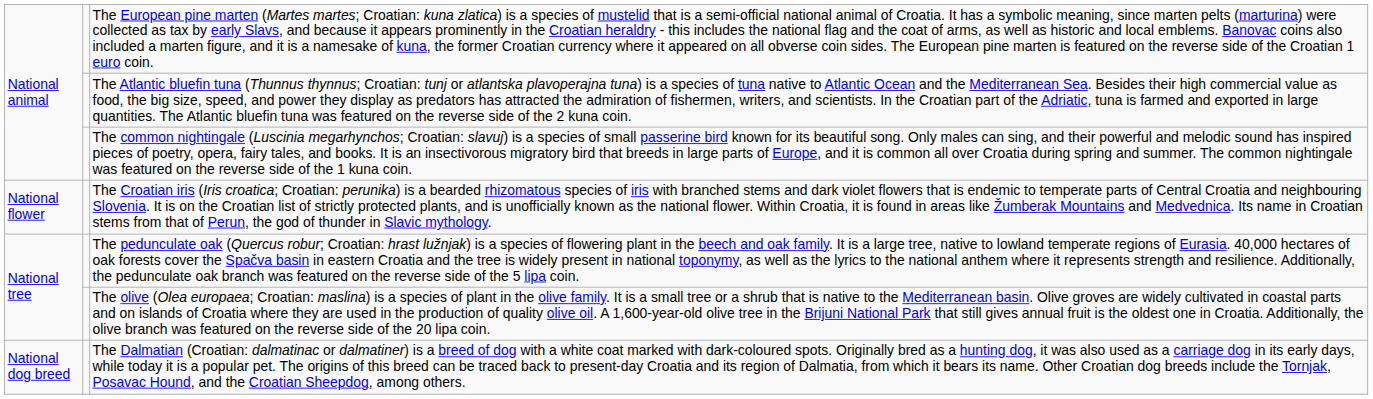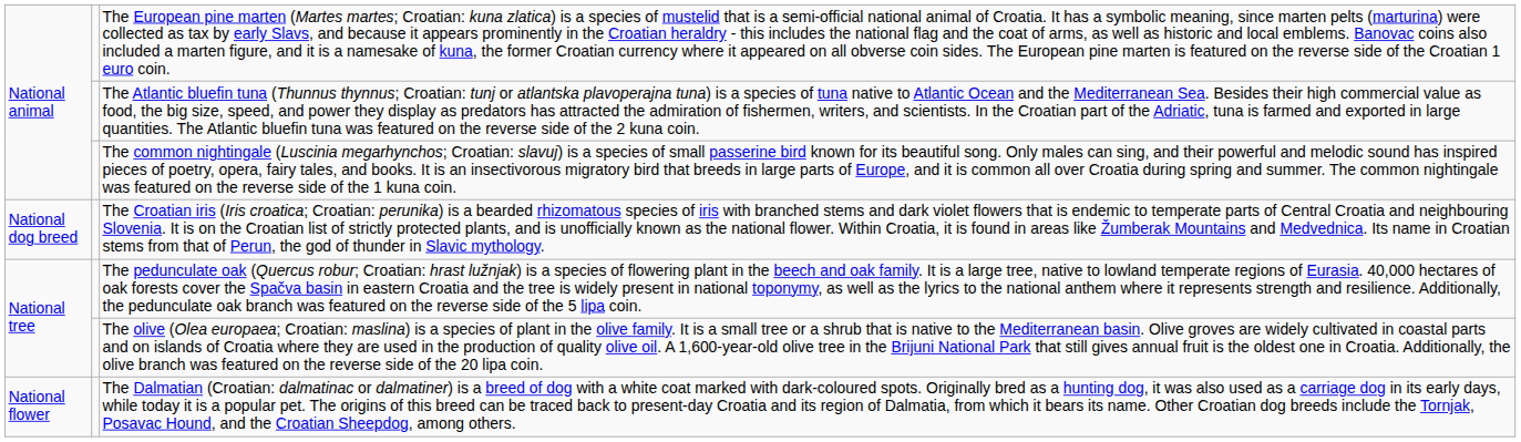 <table class="wikitable" style="text-align:left;">
 <tr>
 <td rowspan=3><a href='#'>National animal</a></td>
 <td></td>
 <td>The <a href='#'>European pine marten</a> (<em>Martes martes</em>; Croatian: <em>kuna zlatica</em>) is a species of <a href='#'>mustelid</a> that is a semi-official national animal of Croatia. It has a symbolic meaning, since marten pelts (<a href='#'>marturina</a>) were collected as tax by <a href='#'>early Slavs</a>, and because it appears prominently in the <a href='#'>Croatian heraldry</a> - this includes the national flag and the coat of arms, as well as historic and local emblems. <a href='#'>Banovac</a> coins also included a marten figure, and it is a namesake of <a href='#'>kuna</a>, the former Croatian currency where it appeared on all obverse coin sides. The European pine marten is featured on the reverse side of the Croatian 1 <a href='#'>euro</a> coin.</td>
 </tr>
 <tr>
 <td></td>
 <td>The <a href='#'>Atlantic bluefin tuna</a> (<em>Thunnus thynnus</em>; Croatian: <em>tunj</em> or <em>atlantska plavoperajna tuna</em>) is a species of <a href='#'>tuna</a> native to <a href='#'>Atlantic Ocean</a> and the <a href='#'>Mediterranean Sea</a>.  Besides their high commercial value as food, the big size, speed, and power they display as predators has attracted the admiration of fishermen, writers, and scientists. In the Croatian part of the <a href='#'>Adriatic</a>, tuna is farmed and exported in large quantities. The Atlantic bluefin tuna was featured on the reverse side of the 2 kuna coin.</td>
 </tr>
 <tr>
 <td></td>
 <td>The <a href='#'>common nightingale</a> (<em>Luscinia megarhynchos</em>; Croatian: <em>slavuj</em>) is a species of small <a href='#'>passerine bird</a> known for its beautiful song. Only males can sing, and their powerful and melodic sound has inspired pieces of poetry, opera, fairy tales, and books. It is an insectivorous migratory bird that breeds in large parts of <a href='#'>Europe</a>, and it is common all over Croatia during spring and summer. The common nightingale was featured on the reverse side of the 1 kuna coin.</td>
 </tr>
 <tr>
-<td><a href='#'>National flower</a></td>
+<td><a href='#'>National dog breed</a></td>
 <td></td>
 <td>The <a href='#'>Croatian iris</a> (<em>Iris croatica</em>; Croatian: <em>perunika</em>) is a bearded <a href='#'>rhizomatous</a> species of <a href='#'>iris</a> with branched stems and dark violet flowers that is endemic to temperate parts of Central Croatia and neighbouring <a href='#'>Slovenia</a>. It is on the Croatian list of strictly protected plants, and is unofficially known as the national flower. Within Croatia, it is found in areas like <a href='#'>Žumberak Mountains</a> and <a href='#'>Medvednica</a>. Its name in Croatian stems from that of <a href='#'>Perun</a>, the god of thunder in <a href='#'>Slavic mythology</a>.</td>
 </tr>
 <tr>
 <td rowspan=2><a href='#'>National tree</a></td>
 <td></td>
 <td>The <a href='#'>pedunculate oak</a> (<em>Quercus robur</em>; Croatian: <em>hrast lužnjak</em>) is a species of flowering plant in the <a href='#'>beech and oak family</a>. It is a large tree, native to lowland temperate regions of <a href='#'>Eurasia</a>. 40,000 hectares of oak forests cover the <a href='#'>Spačva basin</a> in eastern Croatia and the tree is widely present in national <a href='#'>toponymy</a>, as well as the lyrics to the national anthem where it represents strength and resilience. Additionally, the pedunculate oak branch was featured on the reverse side of the 5 <a href='#'>lipa</a> coin.</td>
 </tr>
 <tr>
 <td></td>
 <td>The <a href='#'>olive</a> (<em>Olea europaea</em>; Croatian: <em>maslina</em>) is a species of plant in the <a href='#'>olive family</a>. It is a small tree or a shrub that is native to the <a href='#'>Mediterranean basin</a>. Olive groves are widely cultivated in coastal parts and on islands of Croatia where they are used in the production of quality <a href='#'>olive oil</a>. A 1,600-year-old olive tree in the <a href='#'>Brijuni National Park</a> that still gives annual fruit is the oldest one in Croatia. Additionally, the olive branch was featured on the reverse side of the 20 lipa coin.</td>
 </tr>
 <tr>
-<td><a href='#'>National dog breed</a></td>
+<td><a href='#'>National flower</a></td>
 <td></td>
 <td>The <a href='#'>Dalmatian</a> (Croatian: <em>dalmatinac</em> or <em>dalmatiner</em>) is a <a href='#'>breed of dog</a> with a white coat marked with dark-coloured spots. Originally bred as a <a href='#'>hunting dog</a>, it was also used as a <a href='#'>carriage dog</a> in its early days, while today it is a popular pet. The origins of this breed can be traced back to present-day Croatia and its region of Dalmatia, from which it bears its name. Other Croatian dog breeds include the <a href='#'>Tornjak</a>, <a href='#'>Posavac Hound</a>, and the <a href='#'>Croatian Sheepdog</a>, among others.</td>
 </tr>
 </table>
